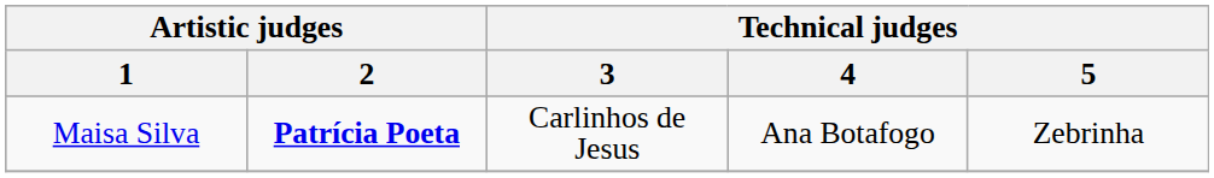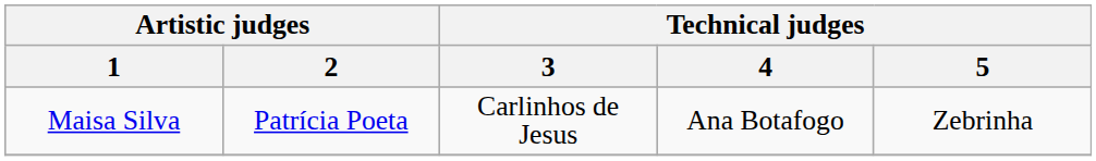 <table class="wikitable" style="font-size:100%; line-height:16px; text-align:center" width="100%">
 <tr>
 <th colspan=2>Artistic judges</th>
 <th colspan=3>Technical judges</th>
 </tr>
 <tr>
 <th width="20.0%">1</th>
 <th width="20.0%">2</th>
 <th width="20.0%">3</th>
 <th width="20.0%">4</th>
 <th width="20.0%">5</th>
 </tr>
 <tr>
 <td><a href='#'>Maisa Silva</a></td>
-<td><strong><a href='#'>Patrícia Poeta</a></strong></td>
+<td><a href='#'>Patrícia Poeta</a></td>
 <td>Carlinhos de Jesus</td>
 <td>Ana Botafogo</td>
 <td>Zebrinha</td>
 </tr>
 <tr>
 </tr>
 </table>
